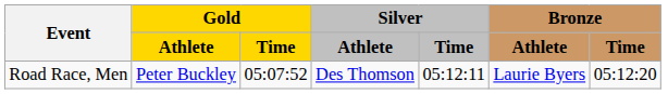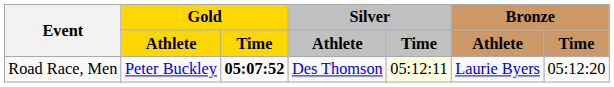 <table class="wikitable">
 <tr>
 <th scope="col" rowspan=2>Event</th>
 <th scope="colgroup" colspan=2 style="background-color: gold;">Gold</th>
 <th scope="colgroup" colspan=2 style="background-color: silver;">Silver</th>
 <th scope="colgroup" colspan=2 style="background-color: #cc9966;">Bronze</th>
 </tr>
 <tr>
 <th scope="col" style="background-color:gold;">Athlete</th>
 <th scope="col" style="background-color:gold;">Time</th>
 <th scope="col" style="background-color:silver;">Athlete</th>
 <th scope="col" style="background-color:silver;">Time</th>
 <th scope="col" style="background-color:#cc9966;">Athlete</th>
 <th scope="col" style="background-color:#cc9966;">Time</th>
 </tr>
 <tr>
 <td>Road Race, Men</td>
 <td><a href='#'>Peter Buckley</a> </td>
-<td>05:07:52</td>
+<td><strong>05:07:52</strong></td>
 <td><a href='#'>Des Thomson</a> </td>
-<td>05:12:11</td>
+<td style="background: lightyellow;">05:12:11</td>
 <td><a href='#'>Laurie Byers</a> </td>
 <td>05:12:20</td>
 </tr>
 </table>
